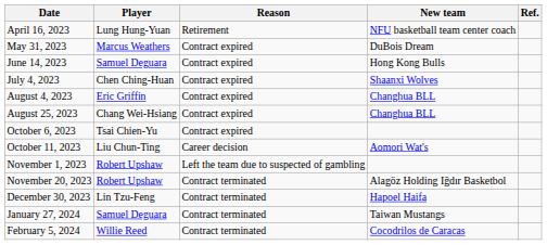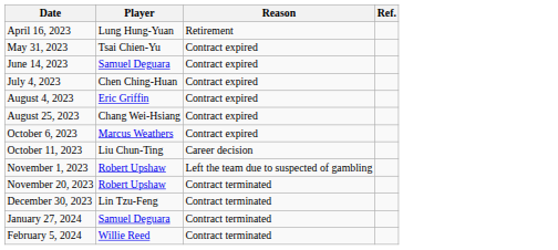 <table class="wikitable">
 <tr>
 <th>Date</th>
 <th>Player</th>
 <th>Reason</th>
-<th>New team</th>
 <th>Ref.</th>
 </tr>
 <tr>
 <td>April 16, 2023</td>
 <td>Lung Hung-Yuan</td>
 <td>Retirement</td>
-<td> <a href='#'>NFU</a> basketball team center coach</td>
 <td></td>
 </tr>
 <tr>
 <td>May 31, 2023</td>
-<td><a href='#'>Marcus Weathers</a></td>
+<td>Tsai Chien-Yu</td>
 <td>Contract expired</td>
-<td> DuBois Dream</td>
 <td></td>
 </tr>
 <tr>
 <td>June 14, 2023</td>
 <td><a href='#'>Samuel Deguara</a></td>
 <td>Contract expired</td>
-<td> Hong Kong Bulls</td>
 <td></td>
 </tr>
 <tr>
 <td>July 4, 2023</td>
 <td>Chen Ching-Huan</td>
 <td>Contract expired</td>
-<td> <a href='#'>Shaanxi Wolves</a></td>
 <td></td>
 </tr>
 <tr>
 <td>August 4, 2023</td>
 <td><a href='#'>Eric Griffin</a></td>
 <td>Contract expired</td>
-<td> <a href='#'>Changhua BLL</a></td>
 <td></td>
 </tr>
 <tr>
 <td>August 25, 2023</td>
 <td>Chang Wei-Hsiang</td>
 <td>Contract expired</td>
-<td> <a href='#'>Changhua BLL</a></td>
 <td></td>
 </tr>
 <tr>
 <td>October 6, 2023</td>
-<td>Tsai Chien-Yu</td>
+<td><a href='#'>Marcus Weathers</a></td>
 <td>Contract expired</td>
-<td></td>
 <td></td>
 </tr>
 <tr>
 <td>October 11, 2023</td>
 <td>Liu Chun-Ting</td>
 <td>Career decision</td>
-<td> <a href='#'>Aomori Wat's</a></td>
 <td></td>
 </tr>
 <tr>
 <td>November 1, 2023</td>
 <td><a href='#'>Robert Upshaw</a></td>
 <td>Left the team due to suspected of gambling</td>
 <td></td>
-<td></td>
 </tr>
 <tr>
 <td>November 20, 2023</td>
 <td><a href='#'>Robert Upshaw</a></td>
 <td>Contract terminated</td>
-<td> Alagöz Holding Iğdır Basketbol</td>
 <td></td>
 </tr>
 <tr>
 <td>December 30, 2023</td>
 <td>Lin Tzu-Feng</td>
 <td>Contract terminated</td>
-<td> <a href='#'>Hapoel Haifa</a></td>
 <td></td>
 </tr>
 <tr>
 <td>January 27, 2024</td>
 <td><a href='#'>Samuel Deguara</a></td>
 <td>Contract terminated</td>
-<td> Taiwan Mustangs</td>
 <td></td>
 </tr>
 <tr>
 <td>February 5, 2024</td>
 <td><a href='#'>Willie Reed</a></td>
 <td>Contract terminated</td>
-<td> <a href='#'>Cocodrilos de Caracas</a></td>
 <td></td>
 </tr>
 </table>
